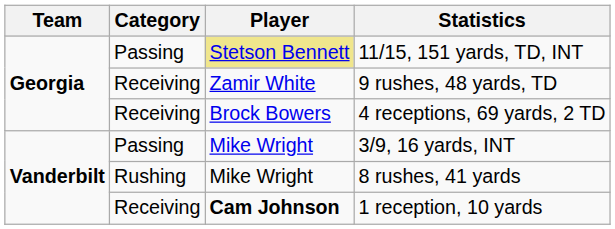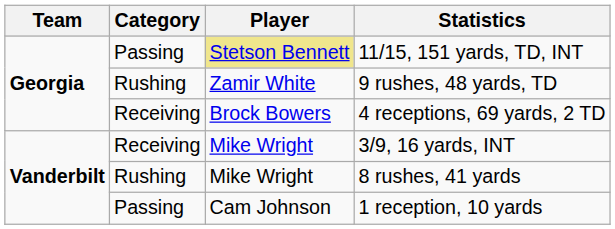 <table class="wikitable" style="float: right;">
 <tr>
 <th>Team</th>
 <th>Category</th>
 <th>Player</th>
 <th>Statistics</th>
 </tr>
 <tr>
 <td rowspan=3><strong>Georgia</strong></td>
 <td>Passing</td>
 <td style="background: khaki;"><a href='#'>Stetson Bennett</a></td>
 <td>11/15, 151 yards, TD, INT</td>
 </tr>
 <tr>
-<td>Receiving</td>
+<td>Rushing</td>
 <td><a href='#'>Zamir White</a></td>
 <td>9 rushes, 48 yards, TD</td>
 </tr>
 <tr>
 <td>Receiving</td>
 <td><a href='#'>Brock Bowers</a></td>
 <td>4 receptions, 69 yards, 2 TD</td>
 </tr>
 <tr>
 <td rowspan=3><strong>Vanderbilt</strong></td>
-<td>Passing</td>
+<td>Receiving</td>
 <td><a href='#'>Mike Wright</a></td>
 <td>3/9, 16 yards, INT</td>
 </tr>
 <tr>
 <td>Rushing</td>
 <td>Mike Wright</td>
 <td>8 rushes, 41 yards</td>
 </tr>
 <tr>
-<td>Receiving</td>
-<td><strong>Cam Johnson</strong></td>
+<td>Passing</td>
+<td>Cam Johnson</td>
 <td>1 reception, 10 yards</td>
 </tr>
 </table>
